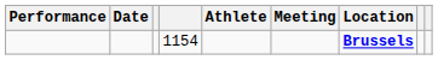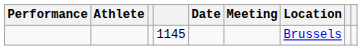 <table class="wikitable sortable plainrowheaders" style="font-size:90%;">
 <tr>
 <th>Performance</th>
-<th>Date</th>
+<th>Athlete</th>
 <th></th>
 <th></th>
-<th>Athlete</th>
+<th>Date</th>
 <th>Meeting</th>
 <th>Location</th>
 <th></th>
 <th class="unsortable"></th>
 </tr>
 <tr>
 <td data-sort-value="2Mtrs000104.80"></td>
 <td></td>
 <td></td>
-<td>1154</td>
+<td>1145</td>
 <td></td>
 <td></td>
-<td><strong><a href='#'>Brussels</a></strong></td>
+<td><a href='#'>Brussels</a></td>
 <td></td>
 <td></td>
 </tr>
 </table>
